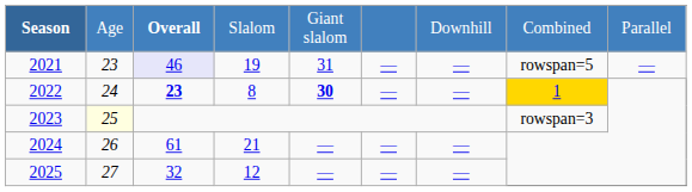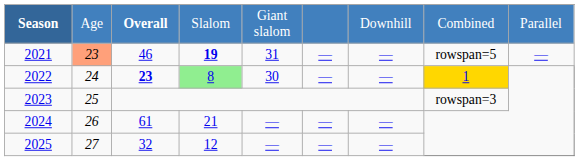 <table class="wikitable"  style="font-size:95%; text-align:center; border:gray solid 1px; width:40%;">
 <tr style="background:#369; color:white;">
 <td rowspan="2" style="width:6%;"><strong>Season</strong></td>
 </tr>
 <tr style="background:#4180be; color:white;">
 <td style="width:3%;">Age</td>
 <td style="width:5%;"><strong>Overall</strong></td>
 <td style="width:5%;">Slalom</td>
 <td style="width:5%;">Giant<br>slalom</td>
 <td style="width:5%;"></td>
 <td style="width:5%;">Downhill</td>
 <td style="width:5%;">Combined</td>
 <td style="width:5%;">Parallel</td>
 </tr>
 <tr>
 <td><a href='#'>2021</a></td>
-<td><em>23</em></td>
-<td style="background: lavender;"><a href='#'>46</a></td>
-<td><a href='#'>19</a></td>
+<td style="background: lightsalmon;"><em>23</em></td>
+<td><a href='#'>46</a></td>
+<td><strong><a href='#'>19</a></strong></td>
 <td><a href='#'>31</a></td>
 <td><a href='#'>—</a></td>
 <td><a href='#'>—</a></td>
 <td>rowspan=5</td>
 <td><a href='#'>—</a></td>
 </tr>
 <tr>
 <td><a href='#'>2022</a></td>
 <td><em>24</em></td>
 <td><strong><a href='#'>23</a></strong></td>
-<td><a href='#'>8</a></td>
-<td><strong><a href='#'>30</a></strong></td>
+<td style="background: lightgreen;"><a href='#'>8</a></td>
+<td><a href='#'>30</a></td>
 <td><a href='#'>—</a></td>
 <td><a href='#'>—</a></td>
 <td style="background:gold;"><a href='#'>1</a></td>
 </tr>
 <tr>
 <td><a href='#'>2023</a></td>
-<td style="background: lightyellow;"><em>25</em></td>
+<td><em>25</em></td>
 <td colspan="5"><em></em></td>
 <td>rowspan=3</td>
 </tr>
 <tr>
 <td><a href='#'>2024</a></td>
 <td><em>26</em></td>
 <td><a href='#'>61</a></td>
 <td><a href='#'>21</a></td>
 <td><a href='#'>—</a></td>
 <td><a href='#'>—</a></td>
 <td><a href='#'>—</a></td>
 </tr>
 <tr>
 <td><a href='#'>2025</a></td>
 <td><em>27</em></td>
 <td><a href='#'>32</a></td>
 <td><a href='#'>12</a></td>
 <td><a href='#'>—</a></td>
 <td><a href='#'>—</a></td>
 <td><a href='#'>—</a></td>
 </tr>
 </table>
